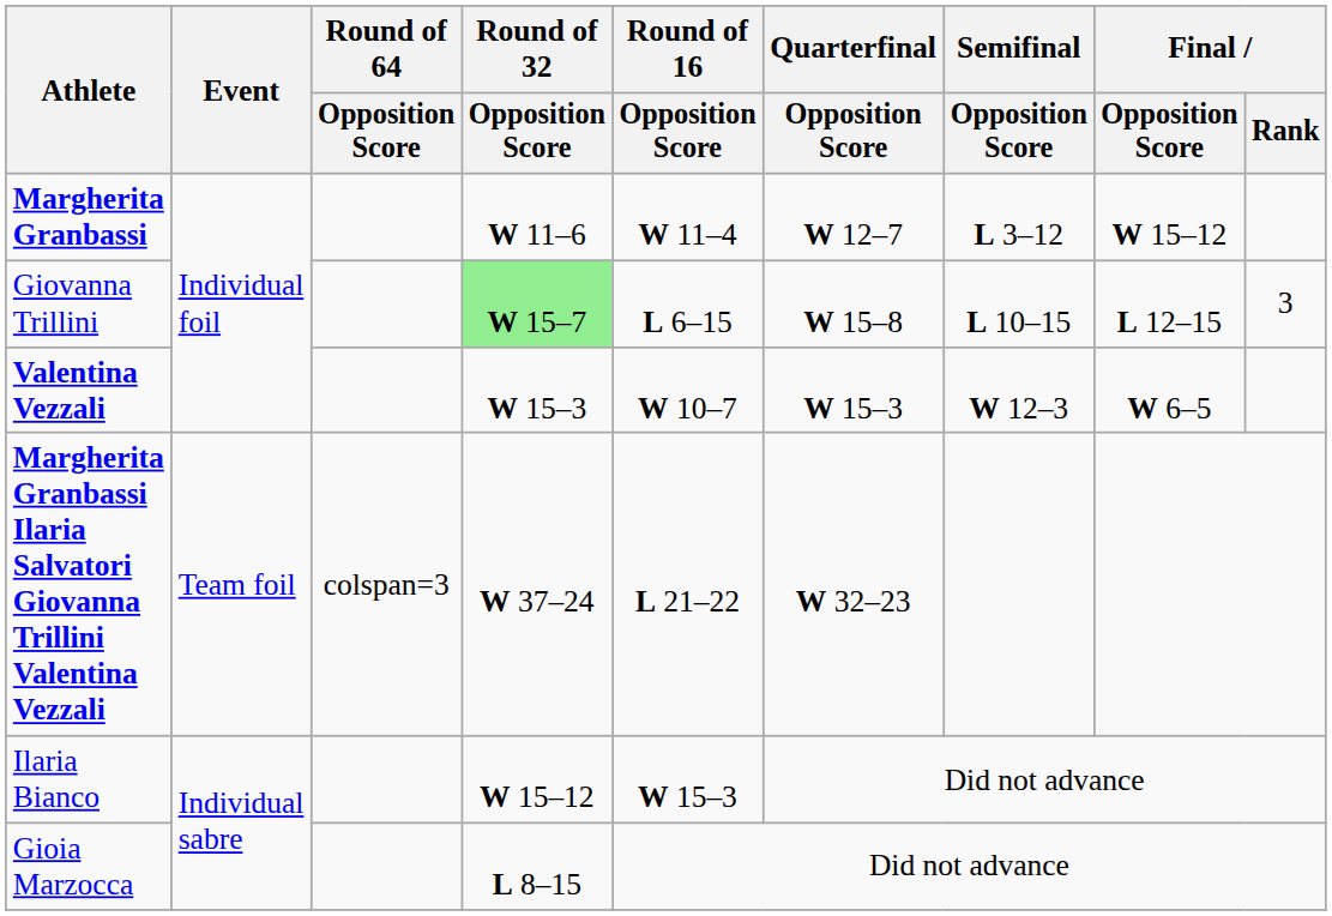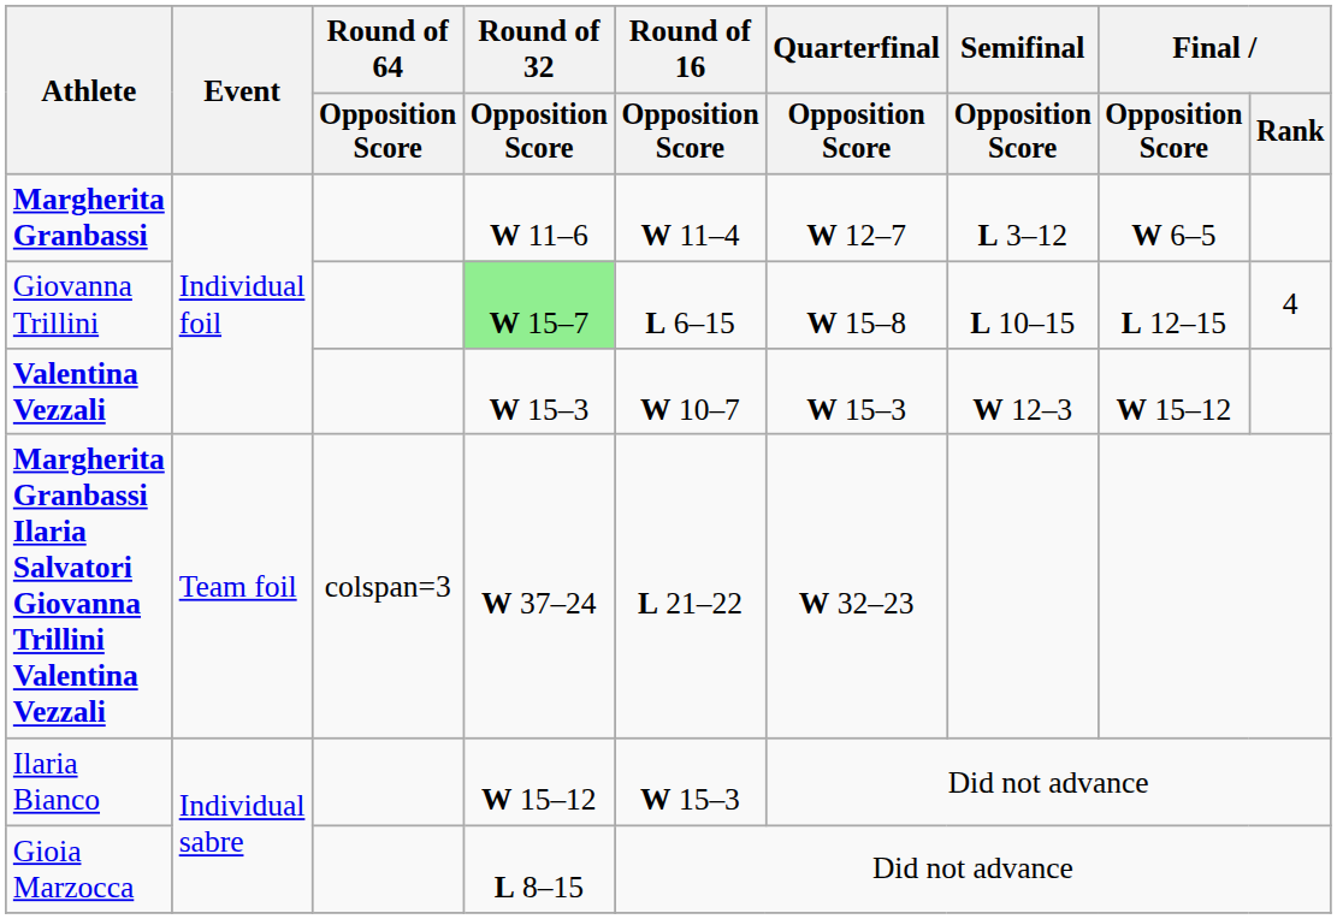 <table class="wikitable" style="font-size:90%">
 <tr>
 <th rowspan="2">Athlete</th>
 <th rowspan="2">Event</th>
 <th>Round of 64</th>
 <th>Round of 32</th>
 <th>Round of 16</th>
 <th>Quarterfinal</th>
 <th>Semifinal</th>
 <th colspan=2>Final / </th>
 </tr>
 <tr style="font-size:95%">
 <th>Opposition <br> Score</th>
 <th>Opposition <br> Score</th>
 <th>Opposition <br> Score</th>
 <th>Opposition <br> Score</th>
 <th>Opposition <br> Score</th>
 <th>Opposition <br> Score</th>
 <th>Rank</th>
 </tr>
 <tr align=center>
 <td align=left><strong><a href='#'>Margherita Granbassi</a></strong></td>
 <td align=left rowspan=3><a href='#'>Individual foil</a></td>
 <td></td>
 <td><br><strong>W</strong> 11–6</td>
 <td><br><strong>W</strong> 11–4</td>
 <td><br><strong>W</strong> 12–7</td>
 <td><br><strong>L</strong> 3–12</td>
-<td><br><strong>W</strong> 15–12</td>
+<td><br><strong>W</strong> 6–5</td>
 <td></td>
 </tr>
 <tr align=center>
 <td align=left><a href='#'>Giovanna Trillini</a></td>
 <td></td>
 <td style="background: lightgreen;"><br><strong>W</strong> 15–7</td>
 <td><br><strong>L</strong> 6–15</td>
 <td><br> <strong>W</strong> 15–8</td>
 <td><br><strong>L</strong> 10–15</td>
 <td><br><strong>L</strong> 12–15</td>
-<td>3</td>
+<td>4</td>
 </tr>
 <tr align=center>
 <td align=left><strong><a href='#'>Valentina Vezzali</a></strong></td>
 <td></td>
 <td><br><strong>W</strong> 15–3</td>
 <td><br><strong>W</strong> 10–7</td>
 <td><br><strong>W</strong> 15–3</td>
 <td><br><strong>W</strong> 12–3</td>
-<td><br><strong>W</strong> 6–5</td>
+<td><br><strong>W</strong> 15–12</td>
 <td></td>
 </tr>
 <tr align=center>
 <td align=left><strong><a href='#'>Margherita Granbassi</a><br><a href='#'>Ilaria Salvatori</a><br><a href='#'>Giovanna Trillini</a><br><a href='#'>Valentina Vezzali</a></strong></td>
 <td align=left><a href='#'>Team foil</a></td>
 <td>colspan=3 </td>
 <td><br><strong>W</strong> 37–24</td>
 <td><br><strong>L</strong> 21–22</td>
 <td><br><strong>W</strong> 32–23</td>
 <td></td>
 </tr>
 <tr align=center>
 <td align=left><a href='#'>Ilaria Bianco</a></td>
 <td align=left rowspan=2><a href='#'>Individual sabre</a></td>
 <td></td>
 <td><br><strong>W</strong> 15–12</td>
 <td><br><strong>W</strong> 15–3</td>
 <td colspan=4>Did not advance</td>
 </tr>
 <tr align=center>
 <td align=left><a href='#'>Gioia Marzocca</a></td>
 <td></td>
 <td><br><strong>L</strong> 8–15</td>
 <td colspan=5>Did not advance</td>
 </tr>
 </table>
